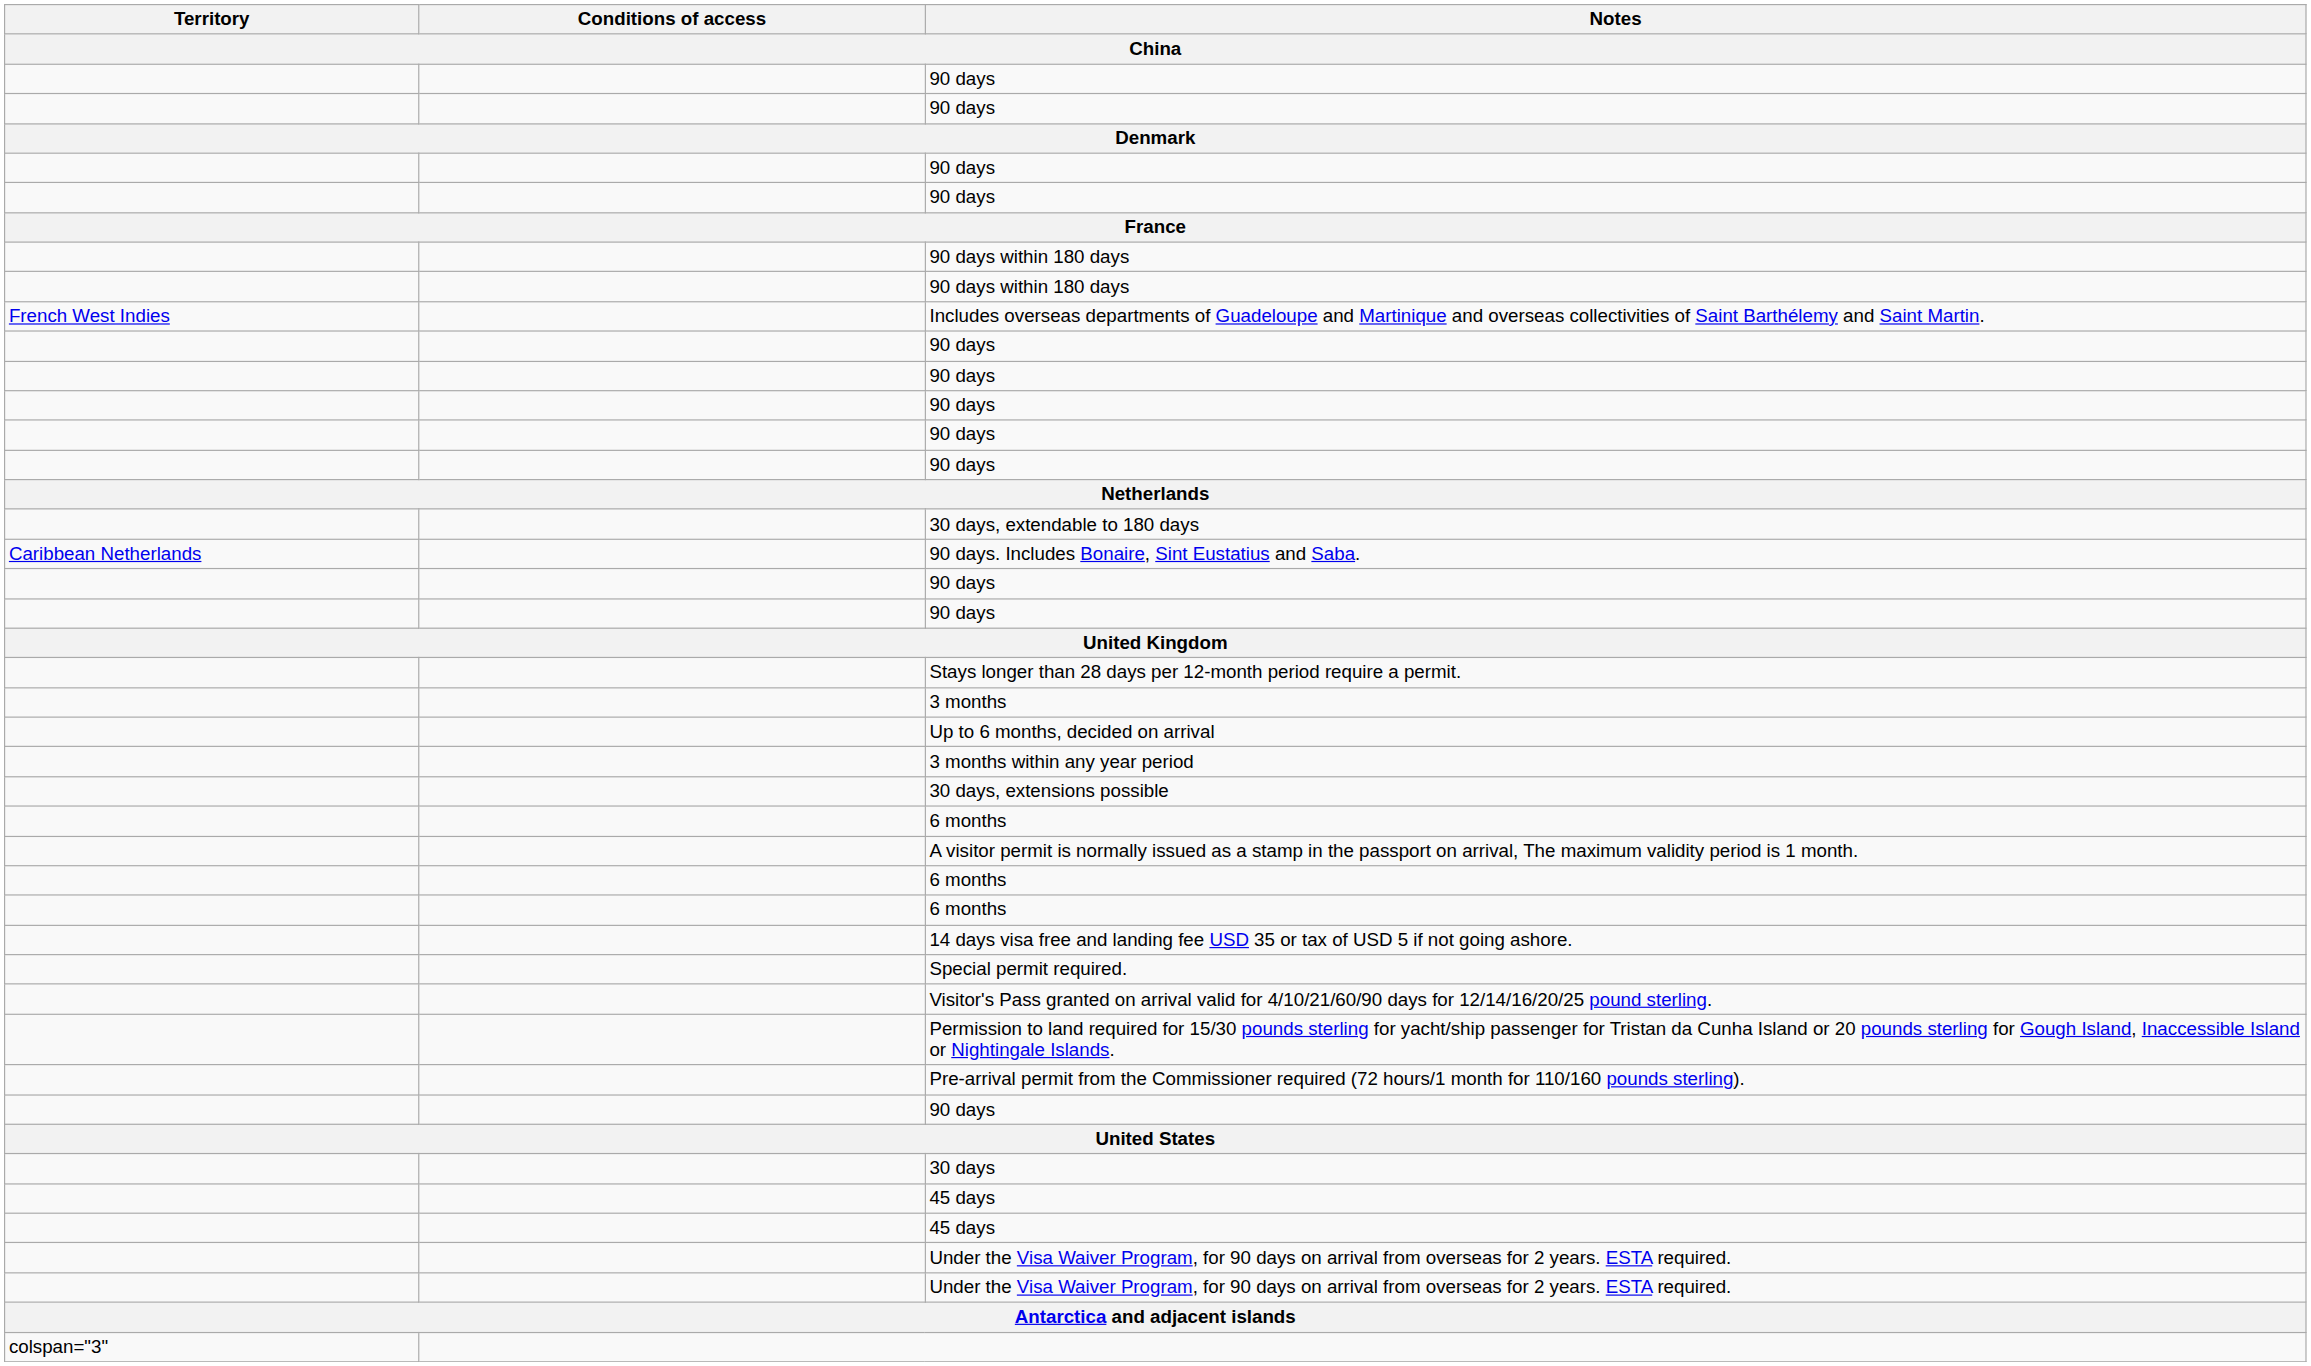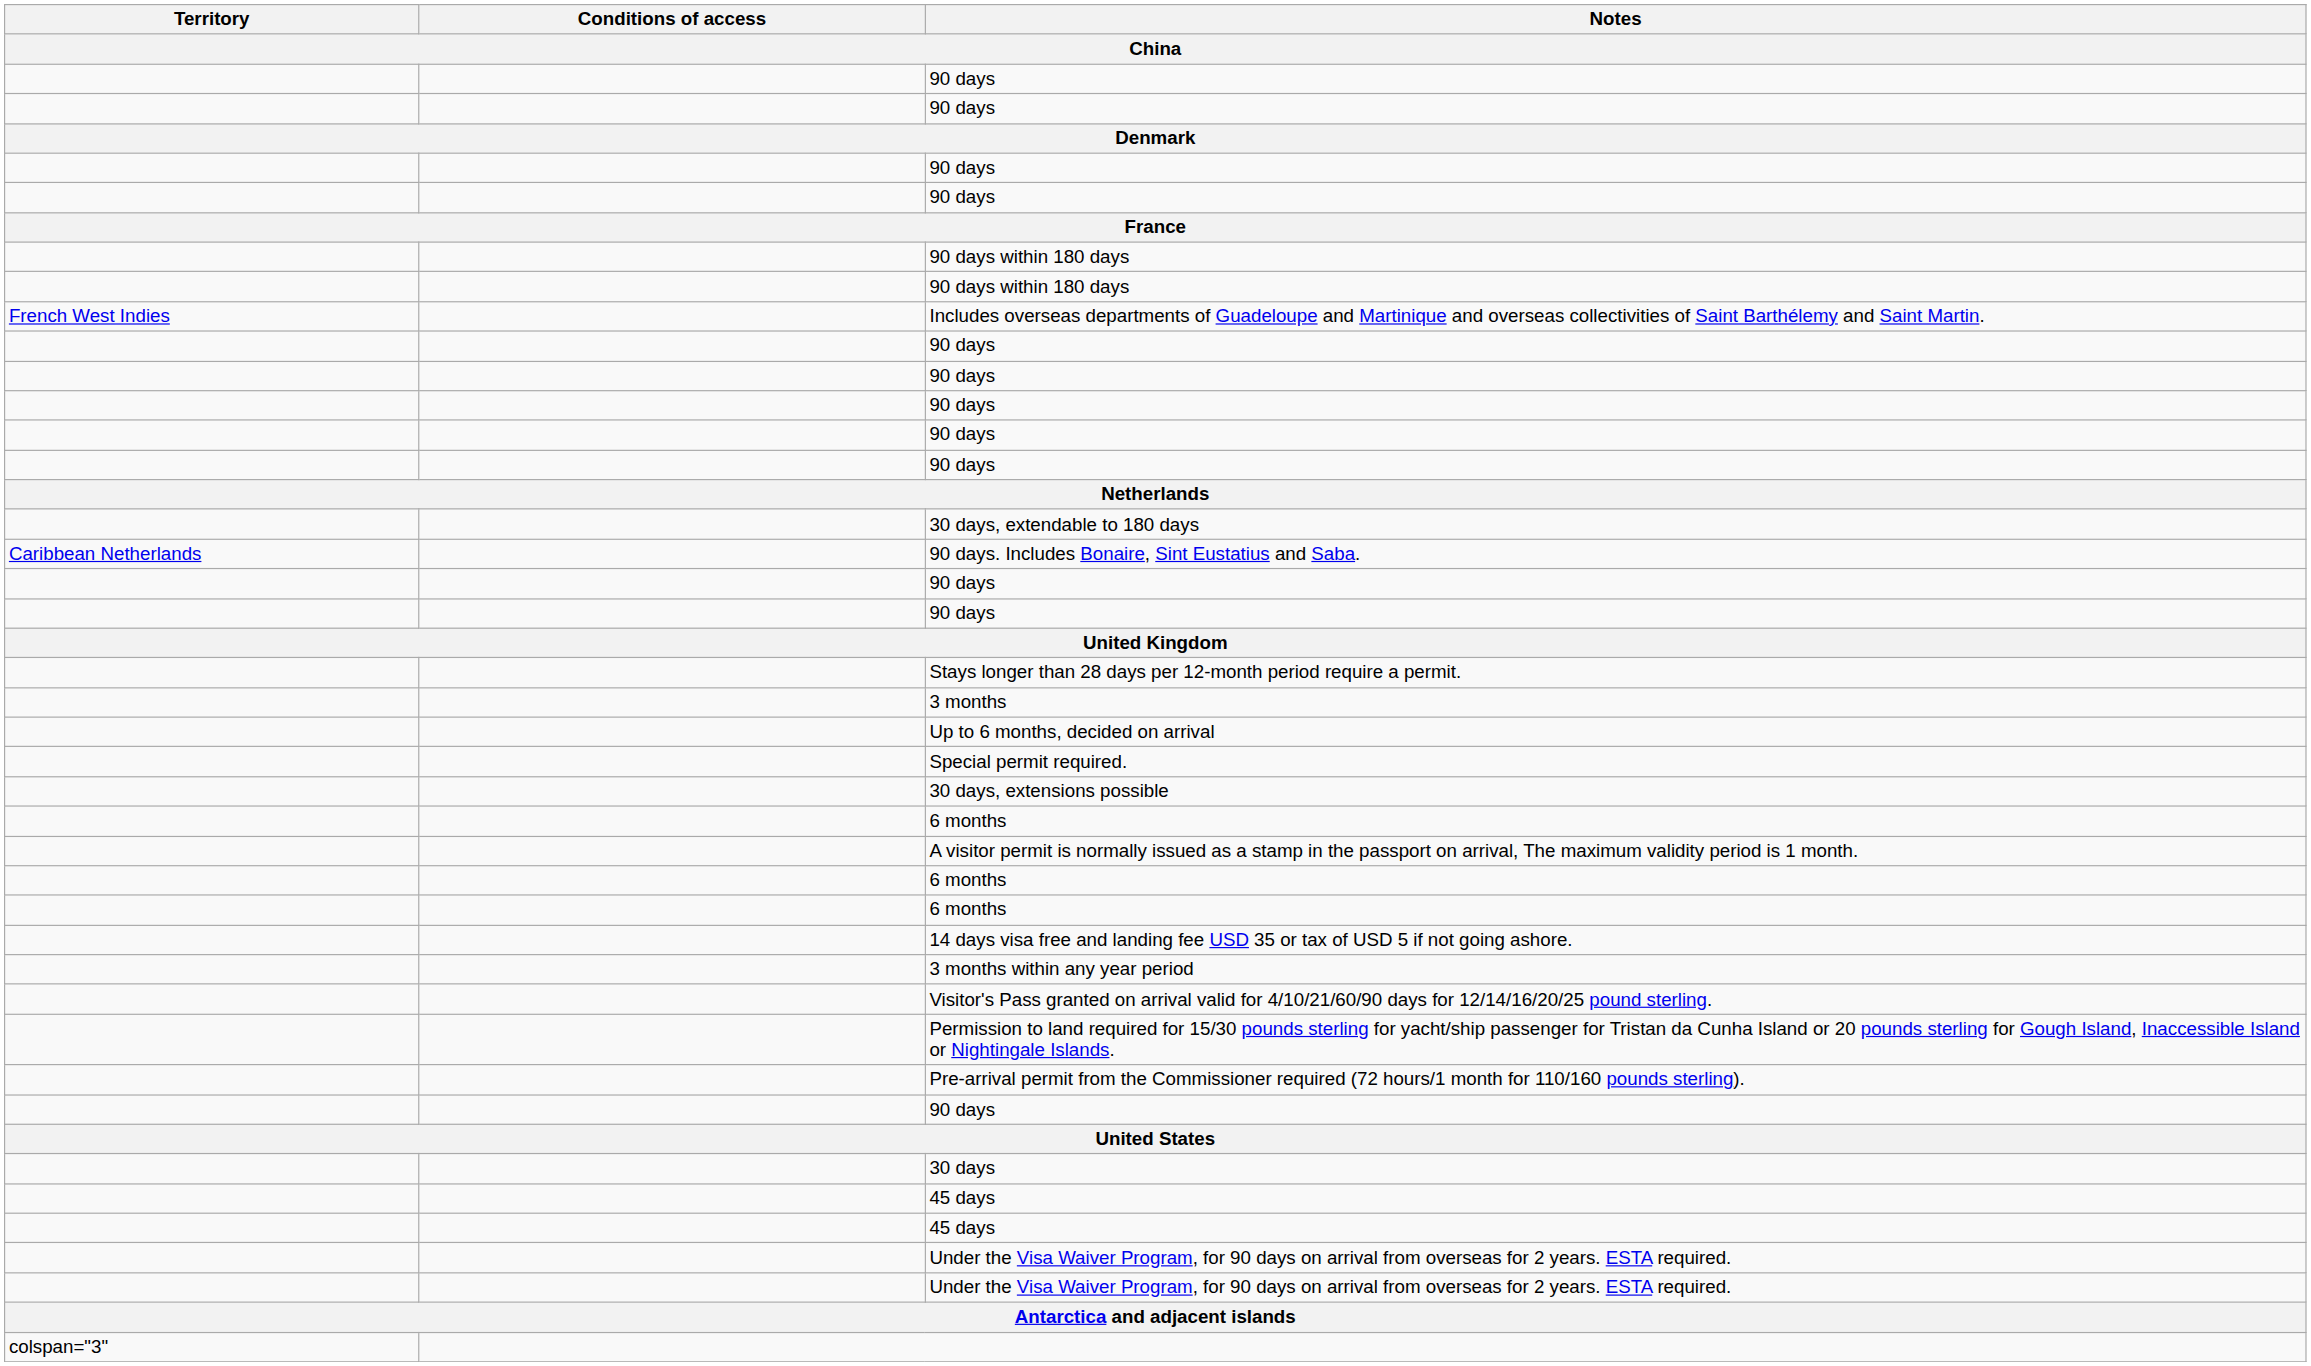 <table class="wikitable" style="text-align: left; table-layout: fixed;">
 <tr>
 <th style="width:18%;">Territory</th>
 <th style="width:22%;">Conditions of access</th>
 <th>Notes</th>
 </tr>
 <tr>
 <th colspan="3">China</th>
 </tr>
 <tr>
 <td></td>
 <td></td>
 <td>90 days</td>
 </tr>
 <tr>
 <td></td>
 <td></td>
 <td>90 days</td>
 </tr>
 <tr>
 <th colspan="3">Denmark</th>
 </tr>
 <tr>
 <td></td>
 <td></td>
 <td>90 days</td>
 </tr>
 <tr>
 <td></td>
 <td></td>
 <td>90 days</td>
 </tr>
 <tr>
 <th colspan="3">France</th>
 </tr>
 <tr>
 <td></td>
 <td></td>
 <td>90 days within 180 days</td>
 </tr>
 <tr>
 <td></td>
 <td></td>
 <td>90 days within 180 days</td>
 </tr>
 <tr>
 <td> <a href='#'>French West Indies</a></td>
 <td></td>
 <td>Includes overseas departments of <a href='#'>Guadeloupe</a> and <a href='#'>Martinique</a> and overseas collectivities of <a href='#'>Saint Barthélemy</a> and <a href='#'>Saint Martin</a>.</td>
 </tr>
 <tr>
 <td></td>
 <td></td>
 <td>90 days</td>
 </tr>
 <tr>
 <td></td>
 <td></td>
 <td>90 days</td>
 </tr>
 <tr>
 <td></td>
 <td></td>
 <td>90 days</td>
 </tr>
 <tr>
 <td></td>
 <td></td>
 <td>90 days</td>
 </tr>
 <tr>
 <td></td>
 <td></td>
 <td>90 days</td>
 </tr>
 <tr>
 <th colspan="3">Netherlands</th>
 </tr>
 <tr>
 <td></td>
 <td></td>
 <td>30 days, extendable to 180 days</td>
 </tr>
 <tr>
 <td> <a href='#'>Caribbean Netherlands</a></td>
 <td></td>
 <td>90 days. Includes <a href='#'>Bonaire</a>, <a href='#'>Sint Eustatius</a> and <a href='#'>Saba</a>.</td>
 </tr>
 <tr>
 <td></td>
 <td></td>
 <td>90 days</td>
 </tr>
 <tr>
 <td></td>
 <td></td>
 <td>90 days</td>
 </tr>
 <tr>
 <th colspan="3">United Kingdom</th>
 </tr>
 <tr>
 <td></td>
 <td></td>
 <td>Stays longer than 28 days per 12-month period require a permit.</td>
 </tr>
 <tr>
 <td></td>
 <td></td>
 <td>3 months</td>
 </tr>
 <tr>
 <td></td>
 <td></td>
 <td>Up to 6 months, decided on arrival</td>
 </tr>
 <tr>
 <td></td>
 <td></td>
-<td>3 months within any year period</td>
+<td>Special permit required.</td>
 </tr>
 <tr>
 <td></td>
 <td></td>
 <td>30 days, extensions possible</td>
 </tr>
 <tr>
 <td></td>
 <td></td>
 <td>6 months</td>
 </tr>
 <tr>
 <td></td>
 <td></td>
 <td>A visitor permit is normally issued as a stamp in the passport on arrival, The maximum validity period is 1 month.</td>
 </tr>
 <tr>
 <td></td>
 <td></td>
 <td>6 months</td>
 </tr>
 <tr>
 <td></td>
 <td></td>
 <td>6 months</td>
 </tr>
 <tr>
 <td></td>
 <td></td>
 <td>14 days visa free and landing fee <a href='#'>USD</a> 35 or tax of USD 5 if not going ashore.</td>
 </tr>
 <tr>
 <td></td>
 <td></td>
-<td>Special permit required.</td>
+<td>3 months within any year period</td>
 </tr>
 <tr>
 <td></td>
 <td></td>
 <td>Visitor's Pass granted on arrival valid for 4/10/21/60/90 days for 12/14/16/20/25 <a href='#'>pound sterling</a>.</td>
 </tr>
 <tr>
 <td></td>
 <td></td>
 <td>Permission to land required for 15/30 <a href='#'>pounds sterling</a> for yacht/ship passenger for Tristan da Cunha Island or 20 <a href='#'>pounds sterling</a> for <a href='#'>Gough Island</a>, <a href='#'>Inaccessible Island</a> or <a href='#'>Nightingale Islands</a>.</td>
 </tr>
 <tr>
 <td></td>
 <td></td>
 <td>Pre-arrival permit from the Commissioner required (72 hours/1 month for 110/160 <a href='#'>pounds sterling</a>).</td>
 </tr>
 <tr>
 <td></td>
 <td></td>
 <td>90 days</td>
 </tr>
 <tr>
 <th colspan="3">United States</th>
 </tr>
 <tr>
 <td></td>
 <td></td>
 <td>30 days</td>
 </tr>
 <tr>
 <td></td>
 <td></td>
 <td>45 days</td>
 </tr>
 <tr>
 <td></td>
 <td></td>
 <td>45 days</td>
 </tr>
 <tr>
 <td></td>
 <td></td>
 <td>Under the <a href='#'>Visa Waiver Program</a>, for 90 days on arrival from overseas for 2 years. <a href='#'>ESTA</a> required.</td>
 </tr>
 <tr>
 <td></td>
 <td></td>
 <td>Under the <a href='#'>Visa Waiver Program</a>, for 90 days on arrival from overseas for 2 years. <a href='#'>ESTA</a> required.</td>
 </tr>
 <tr>
 <th colspan="3"><a href='#'>Antarctica</a> and adjacent islands</th>
 </tr>
 <tr>
 <td>colspan="3" </td>
 </tr>
 </table>
